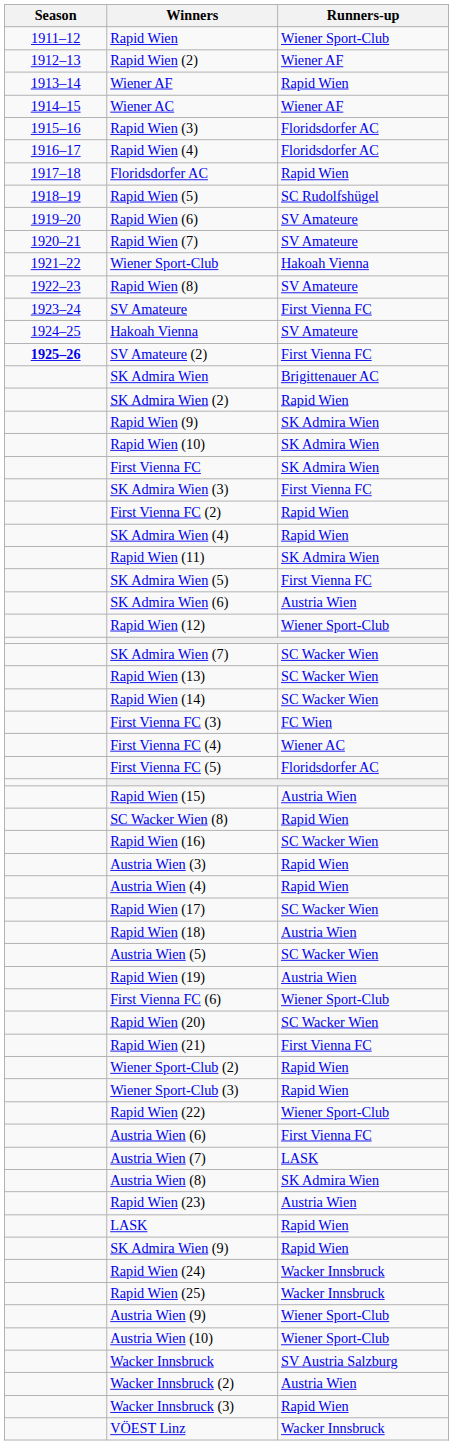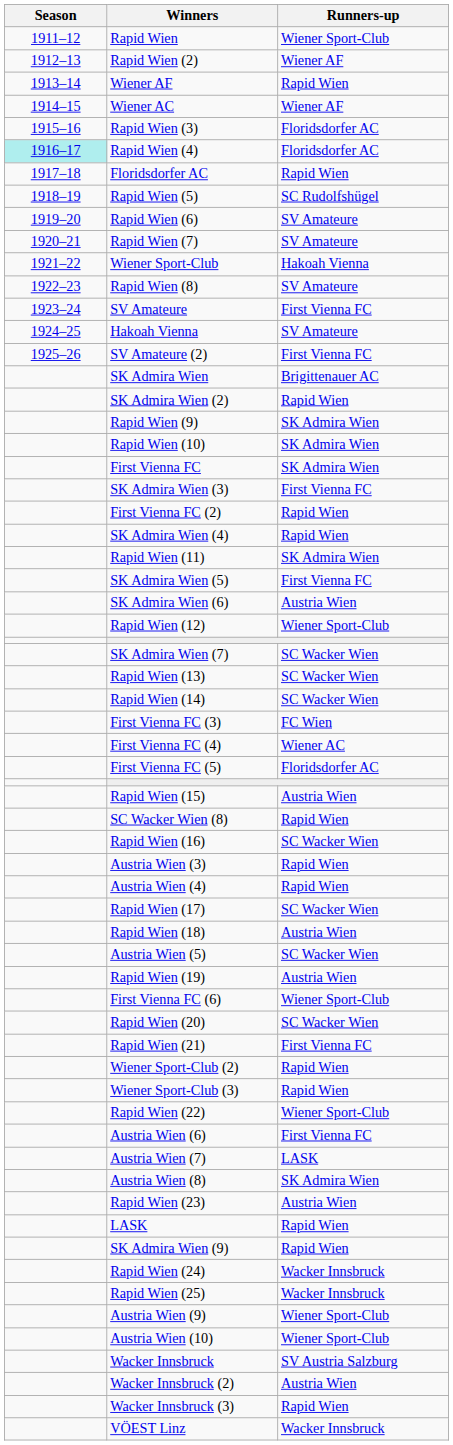 <table class="wikitable" width=500px;>
 <tr>
 <th width=15%>Season</th>
 <th width=25%>Winners</th>
 <th width=25%>Runners-up</th>
 </tr>
 <tr>
 <td align=center><a href='#'>1911–12</a></td>
 <td><a href='#'>Rapid Wien</a></td>
 <td><a href='#'>Wiener Sport-Club</a></td>
 </tr>
 <tr>
 <td align=center><a href='#'>1912–13</a></td>
 <td><a href='#'>Rapid Wien</a> (2)</td>
 <td><a href='#'>Wiener AF</a></td>
 </tr>
 <tr>
 <td align=center><a href='#'>1913–14</a></td>
 <td><a href='#'>Wiener AF</a></td>
 <td><a href='#'>Rapid Wien</a></td>
 </tr>
 <tr>
 <td align=center><a href='#'>1914–15</a></td>
 <td><a href='#'>Wiener AC</a></td>
 <td><a href='#'>Wiener AF</a></td>
 </tr>
 <tr>
 <td align=center><a href='#'>1915–16</a></td>
 <td><a href='#'>Rapid Wien</a> (3)</td>
 <td><a href='#'>Floridsdorfer AC</a></td>
 </tr>
 <tr>
-<td align=center><a href='#'>1916–17</a></td>
+<td align=center style="background: paleturquoise;"><a href='#'>1916–17</a></td>
 <td><a href='#'>Rapid Wien</a> (4)</td>
 <td><a href='#'>Floridsdorfer AC</a></td>
 </tr>
 <tr>
 <td align=center><a href='#'>1917–18</a></td>
 <td><a href='#'>Floridsdorfer AC</a></td>
 <td><a href='#'>Rapid Wien</a></td>
 </tr>
 <tr>
 <td align=center><a href='#'>1918–19</a></td>
 <td><a href='#'>Rapid Wien</a> (5)</td>
 <td><a href='#'>SC Rudolfshügel</a></td>
 </tr>
 <tr>
 <td align=center><a href='#'>1919–20</a></td>
 <td><a href='#'>Rapid Wien</a> (6)</td>
 <td><a href='#'>SV Amateure</a></td>
 </tr>
 <tr>
 <td align=center><a href='#'>1920–21</a></td>
 <td><a href='#'>Rapid Wien</a> (7)</td>
 <td><a href='#'>SV Amateure</a></td>
 </tr>
 <tr>
 <td align=center><a href='#'>1921–22</a></td>
 <td><a href='#'>Wiener Sport-Club</a></td>
 <td><a href='#'>Hakoah Vienna</a></td>
 </tr>
 <tr>
 <td align=center><a href='#'>1922–23</a></td>
 <td><a href='#'>Rapid Wien</a> (8)</td>
 <td><a href='#'>SV Amateure</a></td>
 </tr>
 <tr>
 <td align=center><a href='#'>1923–24</a></td>
 <td><a href='#'>SV Amateure</a></td>
 <td><a href='#'>First Vienna FC</a></td>
 </tr>
 <tr>
 <td align=center><a href='#'>1924–25</a></td>
 <td><a href='#'>Hakoah Vienna</a></td>
 <td><a href='#'>SV Amateure</a></td>
 </tr>
 <tr>
-<td align=center><strong><a href='#'>1925–26</a></strong></td>
+<td align=center><a href='#'>1925–26</a></td>
 <td><a href='#'>SV Amateure</a> (2)</td>
 <td><a href='#'>First Vienna FC</a></td>
 </tr>
 <tr>
 <td></td>
 <td><a href='#'>SK Admira Wien</a></td>
 <td><a href='#'>Brigittenauer AC</a></td>
 </tr>
 <tr>
 <td></td>
 <td><a href='#'>SK Admira Wien</a> (2)</td>
 <td><a href='#'>Rapid Wien</a></td>
 </tr>
 <tr>
 <td></td>
 <td><a href='#'>Rapid Wien</a> (9)</td>
 <td><a href='#'>SK Admira Wien</a></td>
 </tr>
 <tr>
 <td></td>
 <td><a href='#'>Rapid Wien</a> (10)</td>
 <td><a href='#'>SK Admira Wien</a></td>
 </tr>
 <tr>
 <td></td>
 <td><a href='#'>First Vienna FC</a></td>
 <td><a href='#'>SK Admira Wien</a></td>
 </tr>
 <tr>
 <td></td>
 <td><a href='#'>SK Admira Wien</a> (3)</td>
 <td><a href='#'>First Vienna FC</a></td>
 </tr>
 <tr>
 <td></td>
 <td><a href='#'>First Vienna FC</a> (2)</td>
 <td><a href='#'>Rapid Wien</a></td>
 </tr>
 <tr>
 <td></td>
 <td><a href='#'>SK Admira Wien</a> (4)</td>
 <td><a href='#'>Rapid Wien</a></td>
 </tr>
 <tr>
 <td></td>
 <td><a href='#'>Rapid Wien</a> (11)</td>
 <td><a href='#'>SK Admira Wien</a></td>
 </tr>
 <tr>
 <td></td>
 <td><a href='#'>SK Admira Wien</a> (5)</td>
 <td><a href='#'>First Vienna FC</a></td>
 </tr>
 <tr>
 <td></td>
 <td><a href='#'>SK Admira Wien</a> (6)</td>
 <td><a href='#'>Austria Wien</a></td>
 </tr>
 <tr>
 <td></td>
 <td><a href='#'>Rapid Wien</a> (12)</td>
 <td><a href='#'>Wiener Sport-Club</a></td>
 </tr>
 <tr>
 <td></td>
 <td colspan=2 style=background:#efefef></td>
 </tr>
 <tr>
 <td></td>
 <td><a href='#'>SK Admira Wien</a> (7)</td>
 <td><a href='#'>SC Wacker Wien</a></td>
 </tr>
 <tr>
 <td></td>
 <td><a href='#'>Rapid Wien</a> (13)</td>
 <td><a href='#'>SC Wacker Wien</a></td>
 </tr>
 <tr>
 <td></td>
 <td><a href='#'>Rapid Wien</a> (14)</td>
 <td><a href='#'>SC Wacker Wien</a></td>
 </tr>
 <tr>
 <td></td>
 <td><a href='#'>First Vienna FC</a> (3)</td>
 <td><a href='#'>FC Wien</a></td>
 </tr>
 <tr>
 <td></td>
 <td><a href='#'>First Vienna FC</a> (4)</td>
 <td><a href='#'>Wiener AC</a></td>
 </tr>
 <tr>
 <td></td>
 <td><a href='#'>First Vienna FC</a> (5)</td>
 <td><a href='#'>Floridsdorfer AC</a></td>
 </tr>
 <tr>
 <td></td>
 <td colspan=2 style=background:#efefef></td>
 </tr>
 <tr>
 <td></td>
 <td><a href='#'>Rapid Wien</a> (15)</td>
 <td><a href='#'>Austria Wien</a></td>
 </tr>
 <tr>
 <td></td>
 <td><a href='#'>SC Wacker Wien</a> (8)</td>
 <td><a href='#'>Rapid Wien</a></td>
 </tr>
 <tr>
 <td></td>
 <td><a href='#'>Rapid Wien</a> (16)</td>
 <td><a href='#'>SC Wacker Wien</a></td>
 </tr>
 <tr>
 <td></td>
 <td><a href='#'>Austria Wien</a> (3)</td>
 <td><a href='#'>Rapid Wien</a></td>
 </tr>
 <tr>
 <td></td>
 <td><a href='#'>Austria Wien</a> (4)</td>
 <td><a href='#'>Rapid Wien</a></td>
 </tr>
 <tr>
 <td></td>
 <td><a href='#'>Rapid Wien</a> (17)</td>
 <td><a href='#'>SC Wacker Wien</a></td>
 </tr>
 <tr>
 <td></td>
 <td><a href='#'>Rapid Wien</a> (18)</td>
 <td><a href='#'>Austria Wien</a></td>
 </tr>
 <tr>
 <td></td>
 <td><a href='#'>Austria Wien</a> (5)</td>
 <td><a href='#'>SC Wacker Wien</a></td>
 </tr>
 <tr>
 <td></td>
 <td><a href='#'>Rapid Wien</a> (19)</td>
 <td><a href='#'>Austria Wien</a></td>
 </tr>
 <tr>
 <td></td>
 <td><a href='#'>First Vienna FC</a> (6)</td>
 <td><a href='#'>Wiener Sport-Club</a></td>
 </tr>
 <tr>
 <td></td>
 <td><a href='#'>Rapid Wien</a> (20)</td>
 <td><a href='#'>SC Wacker Wien</a></td>
 </tr>
 <tr>
 <td></td>
 <td><a href='#'>Rapid Wien</a> (21)</td>
 <td><a href='#'>First Vienna FC</a></td>
 </tr>
 <tr>
 <td></td>
 <td><a href='#'>Wiener Sport-Club</a> (2)</td>
 <td><a href='#'>Rapid Wien</a></td>
 </tr>
 <tr>
 <td></td>
 <td><a href='#'>Wiener Sport-Club</a> (3)</td>
 <td><a href='#'>Rapid Wien</a></td>
 </tr>
 <tr>
 <td></td>
 <td><a href='#'>Rapid Wien</a> (22)</td>
 <td><a href='#'>Wiener Sport-Club</a></td>
 </tr>
 <tr>
 <td></td>
 <td><a href='#'>Austria Wien</a> (6)</td>
 <td><a href='#'>First Vienna FC</a></td>
 </tr>
 <tr>
 <td></td>
 <td><a href='#'>Austria Wien</a> (7)</td>
 <td><a href='#'>LASK</a></td>
 </tr>
 <tr>
 <td></td>
 <td><a href='#'>Austria Wien</a> (8)</td>
 <td><a href='#'>SK Admira Wien</a></td>
 </tr>
 <tr>
 <td></td>
 <td><a href='#'>Rapid Wien</a> (23)</td>
 <td><a href='#'>Austria Wien</a></td>
 </tr>
 <tr>
 <td></td>
 <td><a href='#'>LASK</a></td>
 <td><a href='#'>Rapid Wien</a></td>
 </tr>
 <tr>
 <td></td>
 <td><a href='#'>SK Admira Wien</a> (9)</td>
 <td><a href='#'>Rapid Wien</a></td>
 </tr>
 <tr>
 <td></td>
 <td><a href='#'>Rapid Wien</a> (24)</td>
 <td><a href='#'>Wacker Innsbruck</a></td>
 </tr>
 <tr>
 <td></td>
 <td><a href='#'>Rapid Wien</a> (25)</td>
 <td><a href='#'>Wacker Innsbruck</a></td>
 </tr>
 <tr>
 <td></td>
 <td><a href='#'>Austria Wien</a> (9)</td>
 <td><a href='#'>Wiener Sport-Club</a></td>
 </tr>
 <tr>
 <td></td>
 <td><a href='#'>Austria Wien</a> (10)</td>
 <td><a href='#'>Wiener Sport-Club</a></td>
 </tr>
 <tr>
 <td></td>
 <td><a href='#'>Wacker Innsbruck</a></td>
 <td><a href='#'>SV Austria Salzburg</a></td>
 </tr>
 <tr>
 <td></td>
 <td><a href='#'>Wacker Innsbruck</a> (2)</td>
 <td><a href='#'>Austria Wien</a></td>
 </tr>
 <tr>
 <td></td>
 <td><a href='#'>Wacker Innsbruck</a> (3)</td>
 <td><a href='#'>Rapid Wien</a></td>
 </tr>
 <tr>
 <td></td>
 <td><a href='#'>VÖEST Linz</a></td>
 <td><a href='#'>Wacker Innsbruck</a></td>
 </tr>
 </table>
